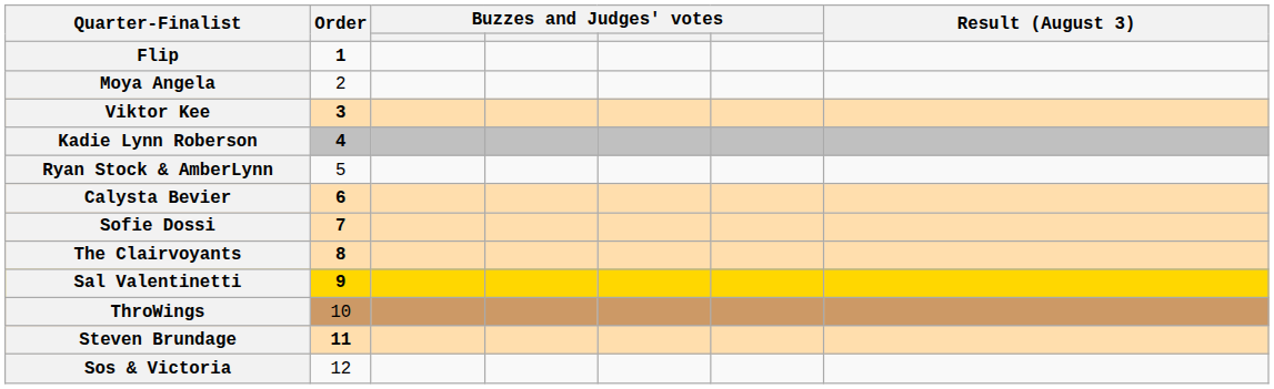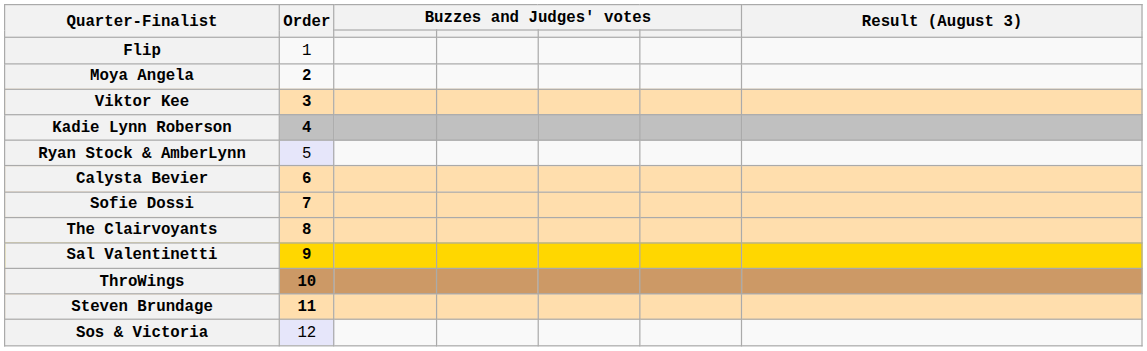 <table class="wikitable plainrowheaders sortable" style="text-align:center;">
 <tr>
 <th scope="col" rowspan="2" class="unsortable" style="width:17em;">Quarter-Finalist</th>
 <th scope="col" rowspan="2" style="width:1em;">Order</th>
 <th scope="col" colspan="4" class="unsortable" style="width:24em;">Buzzes and Judges' votes</th>
 <th scope="col" rowspan="2" style="width:25em;">Result (August 3)</th>
 </tr>
 <tr>
 <th scope="col" class="unsortable" style="width:6em;"></th>
 <th scope="col" class="unsortable" style="width:6em;"></th>
 <th scope="col" class="unsortable" style="width:6em;"></th>
 <th scope="col" class="unsortable" style="width:6em;"></th>
 </tr>
 <tr>
 <th scope="row">Flip</th>
-<td><strong>1</strong></td>
+<td>1</td>
 <td style="text-align:center;"></td>
 <td style="text-align:center;"></td>
 <td style="text-align:center;"></td>
 <td style="text-align:center;"></td>
 <td></td>
 </tr>
 <tr>
 <th scope="row">Moya Angela</th>
-<td>2</td>
+<td><strong>2</strong></td>
 <td style="text-align:center;"></td>
 <td style="text-align:center;"></td>
 <td style="text-align:center;"></td>
 <td style="text-align:center;"></td>
 <td></td>
 </tr>
 <tr style="background:NavajoWhite;">
 <th scope="row"><strong>Viktor Kee</strong></th>
 <td><strong>3</strong></td>
 <td style="text-align:center;"></td>
 <td style="text-align:center;"></td>
 <td style="text-align:center;"></td>
 <td style="text-align:center;"></td>
 <td><strong></strong></td>
 </tr>
 <tr style="background:silver;">
 <th scope="row"><strong>Kadie Lynn Roberson</strong></th>
 <td><strong>4</strong></td>
 <td style="text-align:center;"></td>
 <td style="text-align:center;"></td>
 <td style="text-align:center;"></td>
 <td style="text-align:center;"></td>
 <td><strong></strong></td>
 </tr>
 <tr>
 <th scope="row">Ryan Stock & AmberLynn</th>
-<td>5</td>
+<td style="background: lavender;">5</td>
 <td style="text-align:center;"></td>
 <td style="text-align:center;"></td>
 <td style="text-align:center;"></td>
 <td style="text-align:center;"></td>
 <td></td>
 </tr>
 <tr style="background:NavajoWhite;">
 <th scope="row"><strong>Calysta Bevier</strong></th>
 <td><strong>6</strong></td>
 <td style="text-align:center;"></td>
 <td style="text-align:center;"></td>
 <td style="text-align:center;"></td>
 <td style="text-align:center;"></td>
 <td><strong></strong></td>
 </tr>
 <tr style="background:NavajoWhite;">
 <th scope="row"><strong>Sofie Dossi</strong></th>
 <td><strong>7</strong></td>
 <td style="text-align:center;"></td>
 <td style="text-align:center;"></td>
 <td style="text-align:center;"></td>
 <td style="text-align:center;"></td>
 <td><strong></strong></td>
 </tr>
 <tr style="background:NavajoWhite;">
 <th scope="row"><strong>The Clairvoyants</strong></th>
 <td><strong>8</strong></td>
 <td style="text-align:center;"></td>
 <td style="text-align:center;"></td>
 <td style="text-align:center;"></td>
 <td style="text-align:center;"></td>
 <td><strong></strong></td>
 </tr>
 <tr style="background:Gold;">
 <th scope="row"><strong>Sal Valentinetti</strong></th>
 <td><strong>9</strong></td>
 <td style="text-align:center;"></td>
 <td style="text-align:center;"></td>
 <td style="text-align:center;"></td>
 <td style="text-align:center;"></td>
 <td><strong></strong></td>
 </tr>
 <tr style="background:#c96;">
 <th scope="row">ThroWings</th>
-<td>10</td>
+<td><strong>10</strong></td>
 <td style="text-align:center;"></td>
 <td style="text-align:center;"></td>
 <td style="text-align:center;"></td>
 <td style="text-align:center;"></td>
 <td></td>
 </tr>
 <tr style="background:NavajoWhite;">
 <th scope="row"><strong>Steven Brundage</strong></th>
 <td><strong>11</strong></td>
 <td style="text-align:center;"></td>
 <td style="text-align:center;"></td>
 <td style="text-align:center;"></td>
 <td style="text-align:center;"></td>
 <td><strong></strong></td>
 </tr>
 <tr>
 <th scope="row">Sos & Victoria</th>
-<td>12</td>
+<td style="background: lavender;">12</td>
 <td style="text-align:center;"></td>
 <td style="text-align:center;"></td>
 <td style="text-align:center;"></td>
 <td style="text-align:center;"></td>
 <td></td>
 </tr>
 </table>
